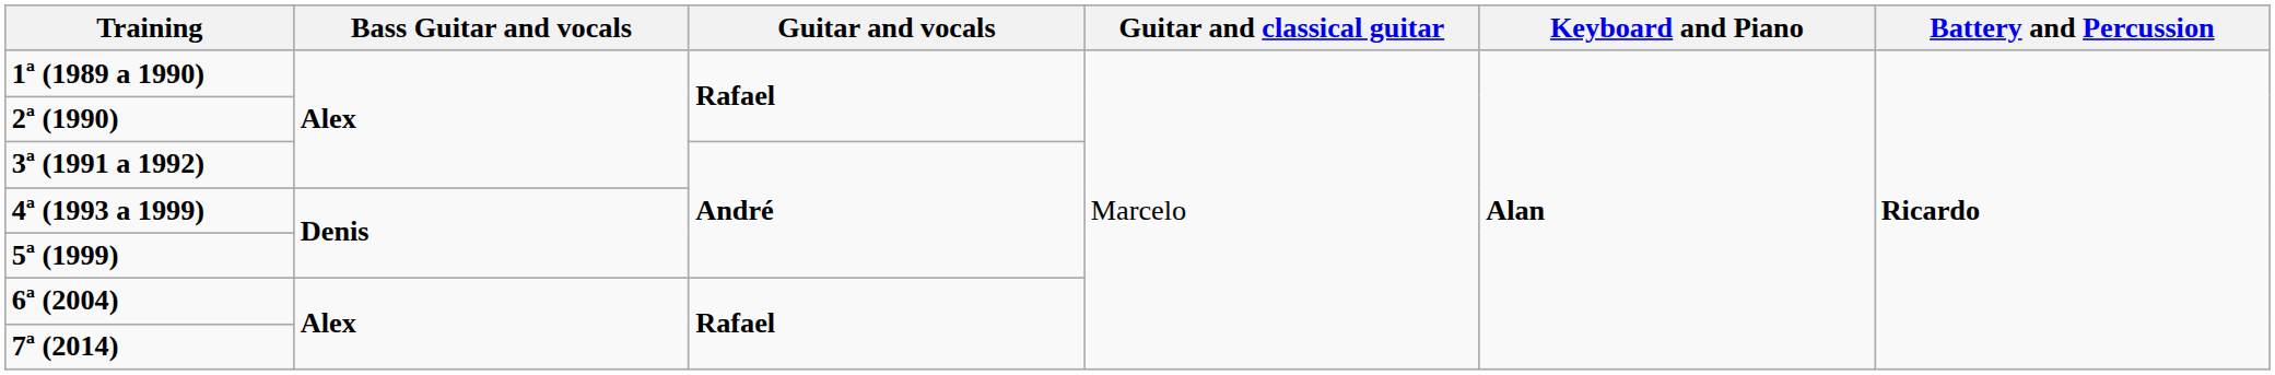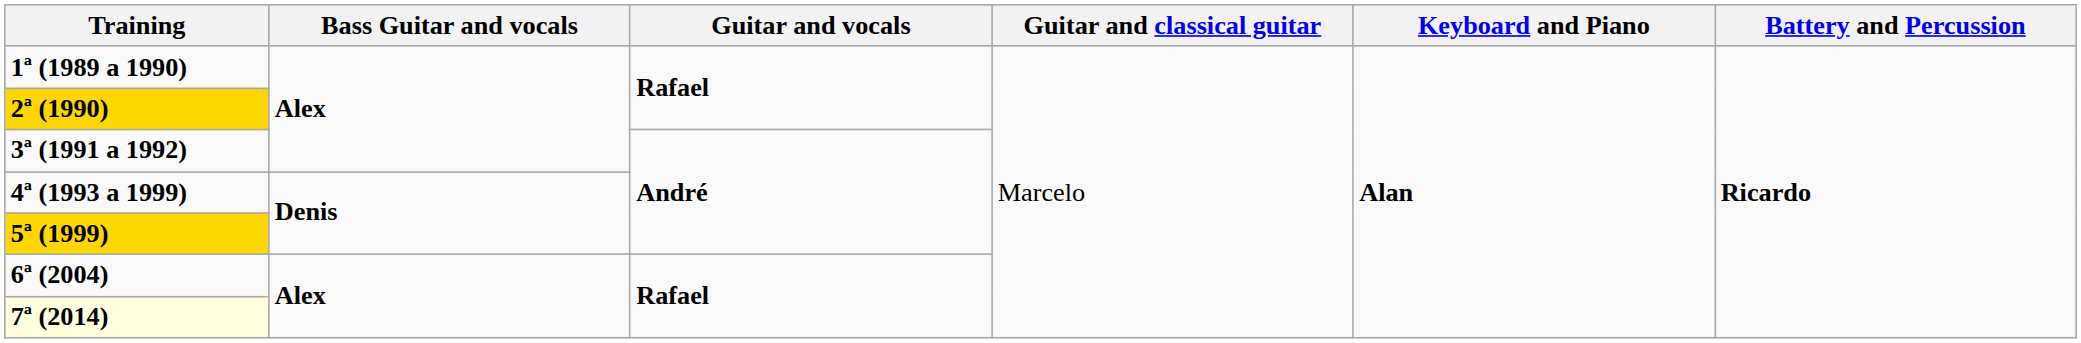 <table class = "wikitable" width = 100% style = "text-align: left">
 <tr>
 <th Width = 5%>Training</th>
 <th Width = 7%>Bass Guitar and vocals</th>
 <th Width = 7%>Guitar and vocals</th>
 <th Width = 7%>Guitar and <a href='#'>classical guitar</a></th>
 <th Width = 7%><a href='#'>Keyboard</a> and Piano</th>
 <th Width = 7%><a href='#'>Battery</a> and <a href='#'>Percussion</a></th>
 </tr>
 <tr>
 <td><strong>1ª (1989 a 1990)</strong></td>
 <td rowspan="3"><strong>Alex</strong></td>
 <td rowspan="2"><strong>Rafael</strong></td>
 <td rowspan="7">Marcelo</td>
 <td rowspan="7"><strong>Alan</strong></td>
 <td rowspan="7"><strong>Ricardo</strong></td>
 </tr>
 <tr>
-<td><strong>2ª (1990)</strong></td>
+<td style="background: gold;"><strong>2ª (1990)</strong></td>
 </tr>
 <tr>
 <td><strong>3ª (1991 a 1992)</strong></td>
 <td rowspan="3"><strong>André</strong></td>
 </tr>
 <tr>
 <td><strong>4ª (1993 a 1999)</strong></td>
 <td rowspan="2"><strong>Denis</strong></td>
 </tr>
 <tr>
-<td><strong>5ª (1999)</strong></td>
+<td style="background: gold;"><strong>5ª (1999)</strong></td>
 </tr>
 <tr>
 <td><strong>6ª (2004)</strong></td>
 <td rowspan="2"><strong>Alex</strong></td>
 <td rowspan="2"><strong>Rafael</strong></td>
 </tr>
 <tr>
-<td><strong>7ª (2014)</strong></td>
+<td style="background: lightyellow;"><strong>7ª (2014)</strong></td>
 </tr>
 </table>
